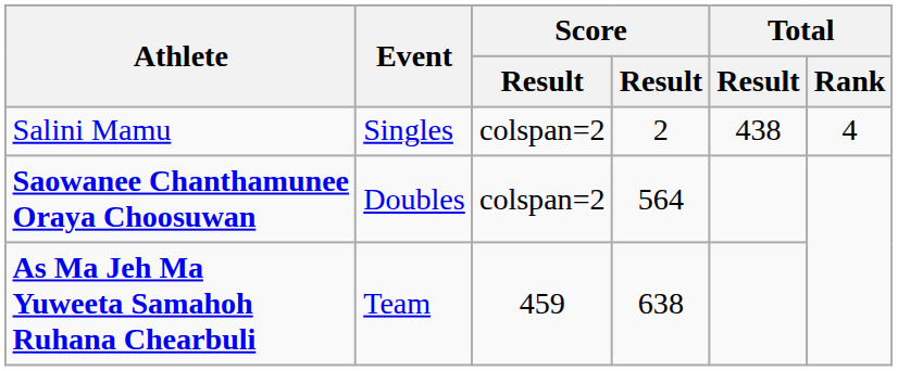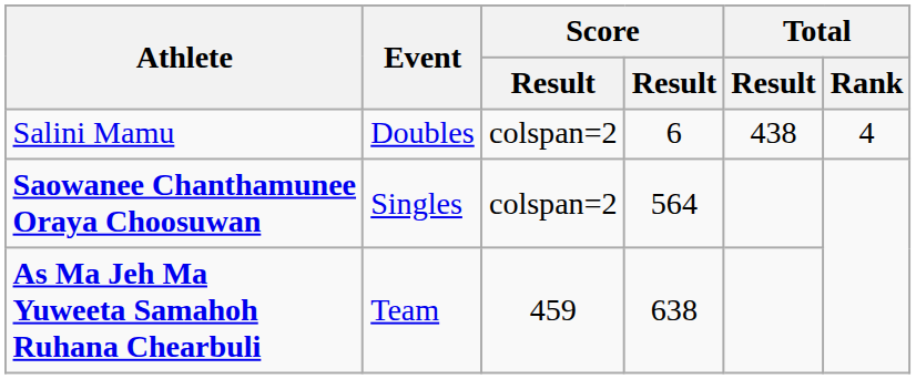 <table class=wikitable style="font-size:90%">
 <tr>
 <th rowspan="2">Athlete</th>
 <th rowspan="2">Event</th>
 <th colspan="2">Score</th>
 <th colspan="2">Total</th>
 </tr>
 <tr>
 <th>Result</th>
 <th>Result</th>
 <th>Result</th>
 <th>Rank</th>
 </tr>
 <tr>
 <td><a href='#'>Salini Mamu</a></td>
-<td><a href='#'>Singles</a></td>
+<td><a href='#'>Doubles</a></td>
 <td>colspan=2 </td>
-<td align=center>2</td>
+<td align=center>6</td>
 <td align=center>438</td>
 <td align=center>4</td>
 </tr>
 <tr>
 <td><strong><a href='#'>Saowanee Chanthamunee</a> <br> <a href='#'>Oraya Choosuwan</a></strong></td>
-<td><a href='#'>Doubles</a></td>
+<td><a href='#'>Singles</a></td>
 <td>colspan=2 </td>
 <td align=center>564</td>
 <td align=center></td>
 </tr>
 <tr>
 <td><strong><a href='#'>As Ma Jeh Ma</a> <br> <a href='#'>Yuweeta Samahoh</a> <br> <a href='#'>Ruhana Chearbuli</a></strong></td>
 <td><a href='#'>Team</a></td>
 <td align=center>459</td>
 <td align=center>638</td>
 <td align=center></td>
 </tr>
 </table>
